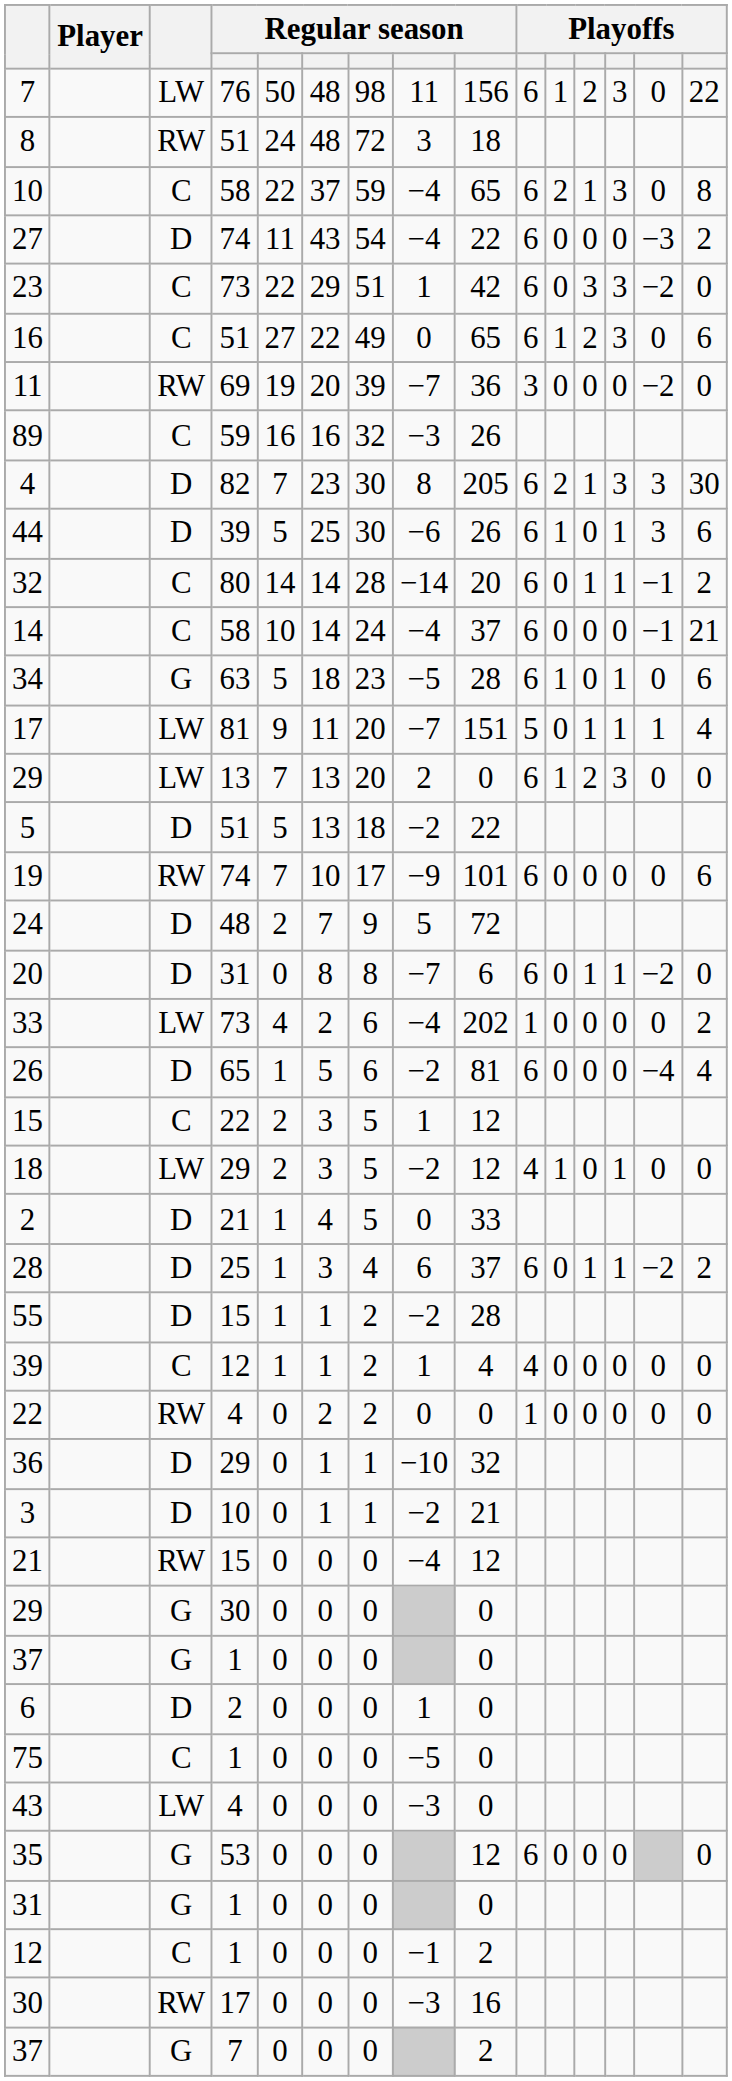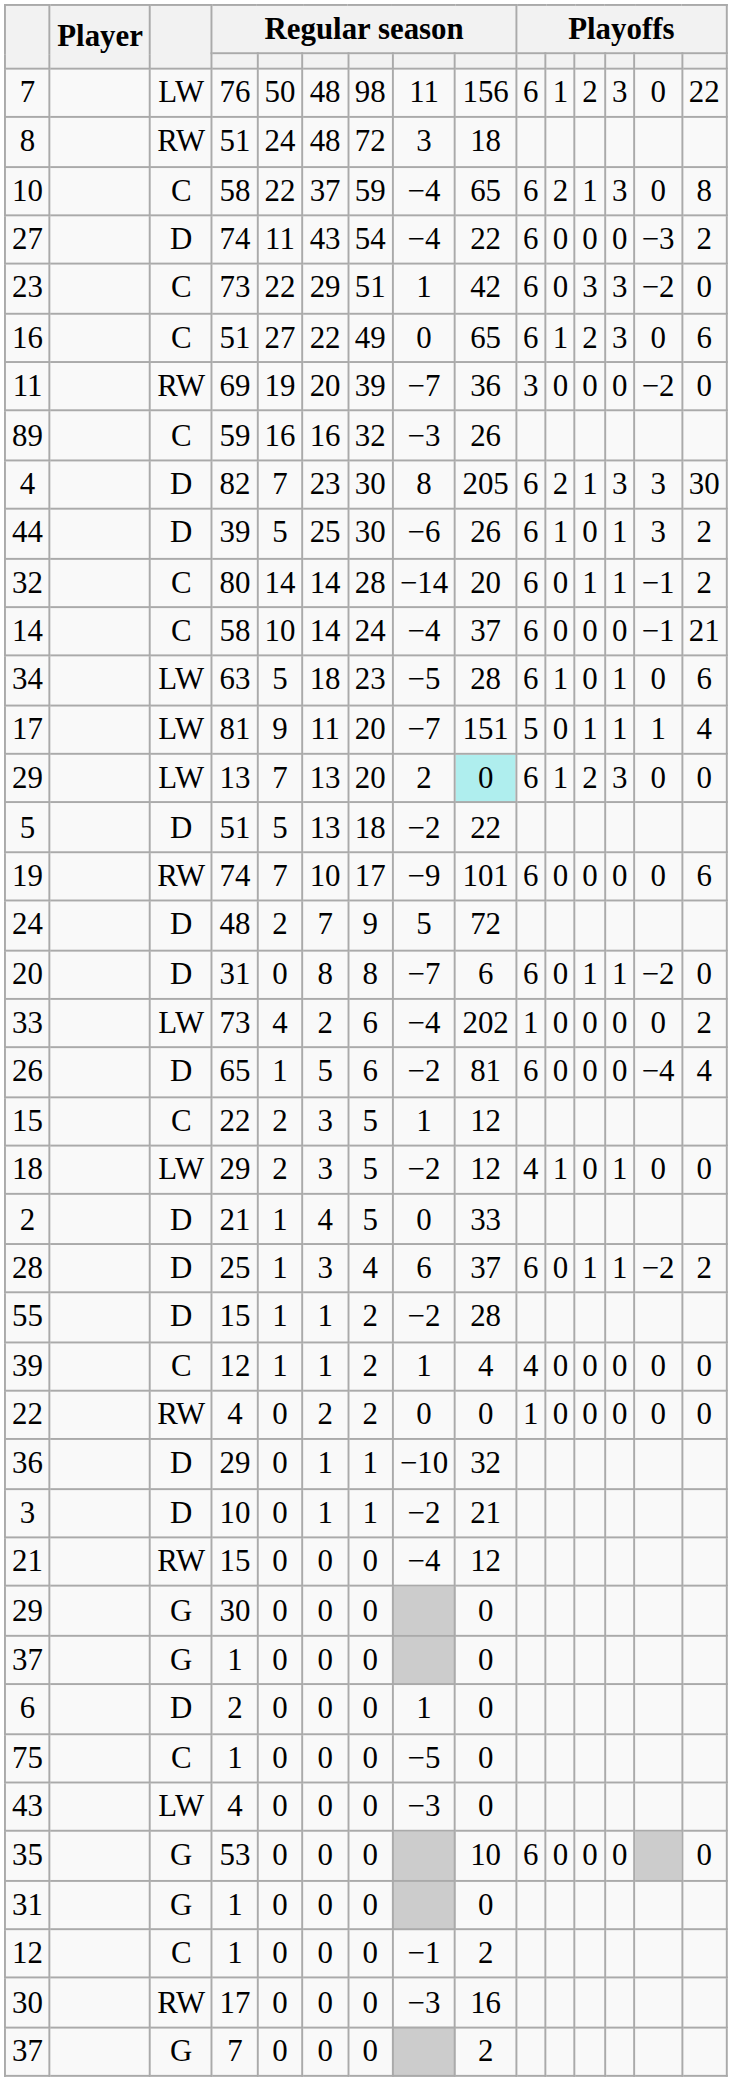 <table class="wikitable sortable plainrowheaders" style="text-align:center;">
 <tr>
 <th scope="col" data-sort-type="number" rowspan="2"></th>
 <th scope="col" rowspan="2">Player</th>
 <th scope="col" rowspan="2"></th>
 <th scope=colgroup colspan=6>Regular season</th>
 <th scope=colgroup colspan=6>Playoffs</th>
 </tr>
 <tr>
 <th scope="col" data-sort-type="number"></th>
 <th scope="col" data-sort-type="number"></th>
 <th scope="col" data-sort-type="number"></th>
 <th scope="col" data-sort-type="number"></th>
 <th scope="col" data-sort-type="number"></th>
 <th scope="col" data-sort-type="number"></th>
 <th scope="col" data-sort-type="number"></th>
 <th scope="col" data-sort-type="number"></th>
 <th scope="col" data-sort-type="number"></th>
 <th scope="col" data-sort-type="number"></th>
 <th scope="col" data-sort-type="number"></th>
 <th scope="col" data-sort-type="number"></th>
 </tr>
 <tr>
 <td scope="row">7</td>
 <td align="left"></td>
 <td>LW</td>
 <td>76</td>
 <td>50</td>
 <td>48</td>
 <td>98</td>
 <td>11</td>
 <td>156</td>
 <td>6</td>
 <td>1</td>
 <td>2</td>
 <td>3</td>
 <td>0</td>
 <td>22</td>
 </tr>
 <tr>
 <td scope="row">8</td>
 <td align="left"></td>
 <td>RW</td>
 <td>51</td>
 <td>24</td>
 <td>48</td>
 <td>72</td>
 <td>3</td>
 <td>18</td>
 <td></td>
 <td></td>
 <td></td>
 <td></td>
 <td></td>
 <td></td>
 </tr>
 <tr>
 <td scope="row">10</td>
 <td align="left"></td>
 <td>C</td>
 <td>58</td>
 <td>22</td>
 <td>37</td>
 <td>59</td>
 <td>−4</td>
 <td>65</td>
 <td>6</td>
 <td>2</td>
 <td>1</td>
 <td>3</td>
 <td>0</td>
 <td>8</td>
 </tr>
 <tr>
 <td scope="row">27</td>
 <td align="left"></td>
 <td>D</td>
 <td>74</td>
 <td>11</td>
 <td>43</td>
 <td>54</td>
 <td>−4</td>
 <td>22</td>
 <td>6</td>
 <td>0</td>
 <td>0</td>
 <td>0</td>
 <td>−3</td>
 <td>2</td>
 </tr>
 <tr>
 <td scope="row">23</td>
 <td align="left"></td>
 <td>C</td>
 <td>73</td>
 <td>22</td>
 <td>29</td>
 <td>51</td>
 <td>1</td>
 <td>42</td>
 <td>6</td>
 <td>0</td>
 <td>3</td>
 <td>3</td>
 <td>−2</td>
 <td>0</td>
 </tr>
 <tr>
 <td scope="row">16</td>
 <td align="left"></td>
 <td>C</td>
 <td>51</td>
 <td>27</td>
 <td>22</td>
 <td>49</td>
 <td>0</td>
 <td>65</td>
 <td>6</td>
 <td>1</td>
 <td>2</td>
 <td>3</td>
 <td>0</td>
 <td>6</td>
 </tr>
 <tr>
 <td scope="row">11</td>
 <td align="left"></td>
 <td>RW</td>
 <td>69</td>
 <td>19</td>
 <td>20</td>
 <td>39</td>
 <td>−7</td>
 <td>36</td>
 <td>3</td>
 <td>0</td>
 <td>0</td>
 <td>0</td>
 <td>−2</td>
 <td>0</td>
 </tr>
 <tr>
 <td scope="row">89</td>
 <td align="left"></td>
 <td>C</td>
 <td>59</td>
 <td>16</td>
 <td>16</td>
 <td>32</td>
 <td>−3</td>
 <td>26</td>
 <td></td>
 <td></td>
 <td></td>
 <td></td>
 <td></td>
 <td></td>
 </tr>
 <tr>
 <td scope="row">4</td>
 <td align="left"></td>
 <td>D</td>
 <td>82</td>
 <td>7</td>
 <td>23</td>
 <td>30</td>
 <td>8</td>
 <td>205</td>
 <td>6</td>
 <td>2</td>
 <td>1</td>
 <td>3</td>
 <td>3</td>
 <td>30</td>
 </tr>
 <tr>
 <td scope="row">44</td>
 <td align="left"></td>
 <td>D</td>
 <td>39</td>
 <td>5</td>
 <td>25</td>
 <td>30</td>
 <td>−6</td>
 <td>26</td>
 <td>6</td>
 <td>1</td>
 <td>0</td>
 <td>1</td>
 <td>3</td>
-<td>6</td>
+<td>2</td>
 </tr>
 <tr>
 <td scope="row">32</td>
 <td align="left"></td>
 <td>C</td>
 <td>80</td>
 <td>14</td>
 <td>14</td>
 <td>28</td>
 <td>−14</td>
 <td>20</td>
 <td>6</td>
 <td>0</td>
 <td>1</td>
 <td>1</td>
 <td>−1</td>
 <td>2</td>
 </tr>
 <tr>
 <td scope="row">14</td>
 <td align="left"></td>
 <td>C</td>
 <td>58</td>
 <td>10</td>
 <td>14</td>
 <td>24</td>
 <td>−4</td>
 <td>37</td>
 <td>6</td>
 <td>0</td>
 <td>0</td>
 <td>0</td>
 <td>−1</td>
 <td>21</td>
 </tr>
 <tr>
 <td scope="row">34</td>
 <td align="left"></td>
-<td>G</td>
+<td>LW</td>
 <td>63</td>
 <td>5</td>
 <td>18</td>
 <td>23</td>
 <td>−5</td>
 <td>28</td>
 <td>6</td>
 <td>1</td>
 <td>0</td>
 <td>1</td>
 <td>0</td>
 <td>6</td>
 </tr>
 <tr>
 <td scope="row">17</td>
 <td align="left"></td>
 <td>LW</td>
 <td>81</td>
 <td>9</td>
 <td>11</td>
 <td>20</td>
 <td>−7</td>
 <td>151</td>
 <td>5</td>
 <td>0</td>
 <td>1</td>
 <td>1</td>
 <td>1</td>
 <td>4</td>
 </tr>
 <tr>
 <td scope="row">29</td>
 <td align="left"></td>
 <td>LW</td>
 <td>13</td>
 <td>7</td>
 <td>13</td>
 <td>20</td>
 <td>2</td>
-<td>0</td>
+<td style="background: paleturquoise;">0</td>
 <td>6</td>
 <td>1</td>
 <td>2</td>
 <td>3</td>
 <td>0</td>
 <td>0</td>
 </tr>
 <tr>
 <td scope="row">5</td>
 <td align="left"></td>
 <td>D</td>
 <td>51</td>
 <td>5</td>
 <td>13</td>
 <td>18</td>
 <td>−2</td>
 <td>22</td>
 <td></td>
 <td></td>
 <td></td>
 <td></td>
 <td></td>
 <td></td>
 </tr>
 <tr>
 <td scope="row">19</td>
 <td align="left"></td>
 <td>RW</td>
 <td>74</td>
 <td>7</td>
 <td>10</td>
 <td>17</td>
 <td>−9</td>
 <td>101</td>
 <td>6</td>
 <td>0</td>
 <td>0</td>
 <td>0</td>
 <td>0</td>
 <td>6</td>
 </tr>
 <tr>
 <td scope="row">24</td>
 <td align="left"></td>
 <td>D</td>
 <td>48</td>
 <td>2</td>
 <td>7</td>
 <td>9</td>
 <td>5</td>
 <td>72</td>
 <td></td>
 <td></td>
 <td></td>
 <td></td>
 <td></td>
 <td></td>
 </tr>
 <tr>
 <td scope="row">20</td>
 <td align="left"></td>
 <td>D</td>
 <td>31</td>
 <td>0</td>
 <td>8</td>
 <td>8</td>
 <td>−7</td>
 <td>6</td>
 <td>6</td>
 <td>0</td>
 <td>1</td>
 <td>1</td>
 <td>−2</td>
 <td>0</td>
 </tr>
 <tr>
 <td scope="row">33</td>
 <td align="left"></td>
 <td>LW</td>
 <td>73</td>
 <td>4</td>
 <td>2</td>
 <td>6</td>
 <td>−4</td>
 <td>202</td>
 <td>1</td>
 <td>0</td>
 <td>0</td>
 <td>0</td>
 <td>0</td>
 <td>2</td>
 </tr>
 <tr>
 <td scope="row">26</td>
 <td align="left"></td>
 <td>D</td>
 <td>65</td>
 <td>1</td>
 <td>5</td>
 <td>6</td>
 <td>−2</td>
 <td>81</td>
 <td>6</td>
 <td>0</td>
 <td>0</td>
 <td>0</td>
 <td>−4</td>
 <td>4</td>
 </tr>
 <tr>
 <td scope="row">15</td>
 <td align="left"></td>
 <td>C</td>
 <td>22</td>
 <td>2</td>
 <td>3</td>
 <td>5</td>
 <td>1</td>
 <td>12</td>
 <td></td>
 <td></td>
 <td></td>
 <td></td>
 <td></td>
 <td></td>
 </tr>
 <tr>
 <td scope="row">18</td>
 <td align="left"></td>
 <td>LW</td>
 <td>29</td>
 <td>2</td>
 <td>3</td>
 <td>5</td>
 <td>−2</td>
 <td>12</td>
 <td>4</td>
 <td>1</td>
 <td>0</td>
 <td>1</td>
 <td>0</td>
 <td>0</td>
 </tr>
 <tr>
 <td scope="row">2</td>
 <td align="left"></td>
 <td>D</td>
 <td>21</td>
 <td>1</td>
 <td>4</td>
 <td>5</td>
 <td>0</td>
 <td>33</td>
 <td></td>
 <td></td>
 <td></td>
 <td></td>
 <td></td>
 <td></td>
 </tr>
 <tr>
 <td scope="row">28</td>
 <td align="left"></td>
 <td>D</td>
 <td>25</td>
 <td>1</td>
 <td>3</td>
 <td>4</td>
 <td>6</td>
 <td>37</td>
 <td>6</td>
 <td>0</td>
 <td>1</td>
 <td>1</td>
 <td>−2</td>
 <td>2</td>
 </tr>
 <tr>
 <td scope="row">55</td>
 <td align="left"></td>
 <td>D</td>
 <td>15</td>
 <td>1</td>
 <td>1</td>
 <td>2</td>
 <td>−2</td>
 <td>28</td>
 <td></td>
 <td></td>
 <td></td>
 <td></td>
 <td></td>
 <td></td>
 </tr>
 <tr>
 <td scope="row">39</td>
 <td align="left"></td>
 <td>C</td>
 <td>12</td>
 <td>1</td>
 <td>1</td>
 <td>2</td>
 <td>1</td>
 <td>4</td>
 <td>4</td>
 <td>0</td>
 <td>0</td>
 <td>0</td>
 <td>0</td>
 <td>0</td>
 </tr>
 <tr>
 <td scope="row">22</td>
 <td align="left"></td>
 <td>RW</td>
 <td>4</td>
 <td>0</td>
 <td>2</td>
 <td>2</td>
 <td>0</td>
 <td>0</td>
 <td>1</td>
 <td>0</td>
 <td>0</td>
 <td>0</td>
 <td>0</td>
 <td>0</td>
 </tr>
 <tr>
 <td scope="row">36</td>
 <td align="left"></td>
 <td>D</td>
 <td>29</td>
 <td>0</td>
 <td>1</td>
 <td>1</td>
 <td>−10</td>
 <td>32</td>
 <td></td>
 <td></td>
 <td></td>
 <td></td>
 <td></td>
 <td></td>
 </tr>
 <tr>
 <td scope="row">3</td>
 <td align="left"></td>
 <td>D</td>
 <td>10</td>
 <td>0</td>
 <td>1</td>
 <td>1</td>
 <td>−2</td>
 <td>21</td>
 <td></td>
 <td></td>
 <td></td>
 <td></td>
 <td></td>
 <td></td>
 </tr>
 <tr>
 <td scope="row">21</td>
 <td align="left"></td>
 <td>RW</td>
 <td>15</td>
 <td>0</td>
 <td>0</td>
 <td>0</td>
 <td>−4</td>
 <td>12</td>
 <td></td>
 <td></td>
 <td></td>
 <td></td>
 <td></td>
 <td></td>
 </tr>
 <tr>
 <td scope="row">29</td>
 <td align="left"></td>
 <td>G</td>
 <td>30</td>
 <td>0</td>
 <td>0</td>
 <td>0</td>
 <td style="background:#ccc"></td>
 <td>0</td>
 <td></td>
 <td></td>
 <td></td>
 <td></td>
 <td></td>
 <td></td>
 </tr>
 <tr>
 <td scope="row">37</td>
 <td align="left"></td>
 <td>G</td>
 <td>1</td>
 <td>0</td>
 <td>0</td>
 <td>0</td>
 <td style="background:#ccc"></td>
 <td>0</td>
 <td></td>
 <td></td>
 <td></td>
 <td></td>
 <td></td>
 <td></td>
 </tr>
 <tr>
 <td scope="row">6</td>
 <td align="left"></td>
 <td>D</td>
 <td>2</td>
 <td>0</td>
 <td>0</td>
 <td>0</td>
 <td>1</td>
 <td>0</td>
 <td></td>
 <td></td>
 <td></td>
 <td></td>
 <td></td>
 <td></td>
 </tr>
 <tr>
 <td scope="row">75</td>
 <td align="left"></td>
 <td>C</td>
 <td>1</td>
 <td>0</td>
 <td>0</td>
 <td>0</td>
 <td>−5</td>
 <td>0</td>
 <td></td>
 <td></td>
 <td></td>
 <td></td>
 <td></td>
 <td></td>
 </tr>
 <tr>
 <td scope="row">43</td>
 <td align="left"></td>
 <td>LW</td>
 <td>4</td>
 <td>0</td>
 <td>0</td>
 <td>0</td>
 <td>−3</td>
 <td>0</td>
 <td></td>
 <td></td>
 <td></td>
 <td></td>
 <td></td>
 <td></td>
 </tr>
 <tr>
 <td scope="row">35</td>
 <td align="left"></td>
 <td>G</td>
 <td>53</td>
 <td>0</td>
 <td>0</td>
 <td>0</td>
 <td style="background:#ccc"></td>
-<td>12</td>
+<td>10</td>
 <td>6</td>
 <td>0</td>
 <td>0</td>
 <td>0</td>
 <td style="background:#ccc"></td>
 <td>0</td>
 </tr>
 <tr>
 <td scope="row">31</td>
 <td align="left"></td>
 <td>G</td>
 <td>1</td>
 <td>0</td>
 <td>0</td>
 <td>0</td>
 <td style="background:#ccc"></td>
 <td>0</td>
 <td></td>
 <td></td>
 <td></td>
 <td></td>
 <td></td>
 <td></td>
 </tr>
 <tr>
 <td scope="row">12</td>
 <td align="left"></td>
 <td>C</td>
 <td>1</td>
 <td>0</td>
 <td>0</td>
 <td>0</td>
 <td>−1</td>
 <td>2</td>
 <td></td>
 <td></td>
 <td></td>
 <td></td>
 <td></td>
 <td></td>
 </tr>
 <tr>
 <td scope="row">30</td>
 <td align="left"></td>
 <td>RW</td>
 <td>17</td>
 <td>0</td>
 <td>0</td>
 <td>0</td>
 <td>−3</td>
 <td>16</td>
 <td></td>
 <td></td>
 <td></td>
 <td></td>
 <td></td>
 <td></td>
 </tr>
 <tr>
 <td scope="row">37</td>
 <td align="left"></td>
 <td>G</td>
 <td>7</td>
 <td>0</td>
 <td>0</td>
 <td>0</td>
 <td style="background:#ccc"></td>
 <td>2</td>
 <td></td>
 <td></td>
 <td></td>
 <td></td>
 <td></td>
 <td></td>
 </tr>
 </table>
